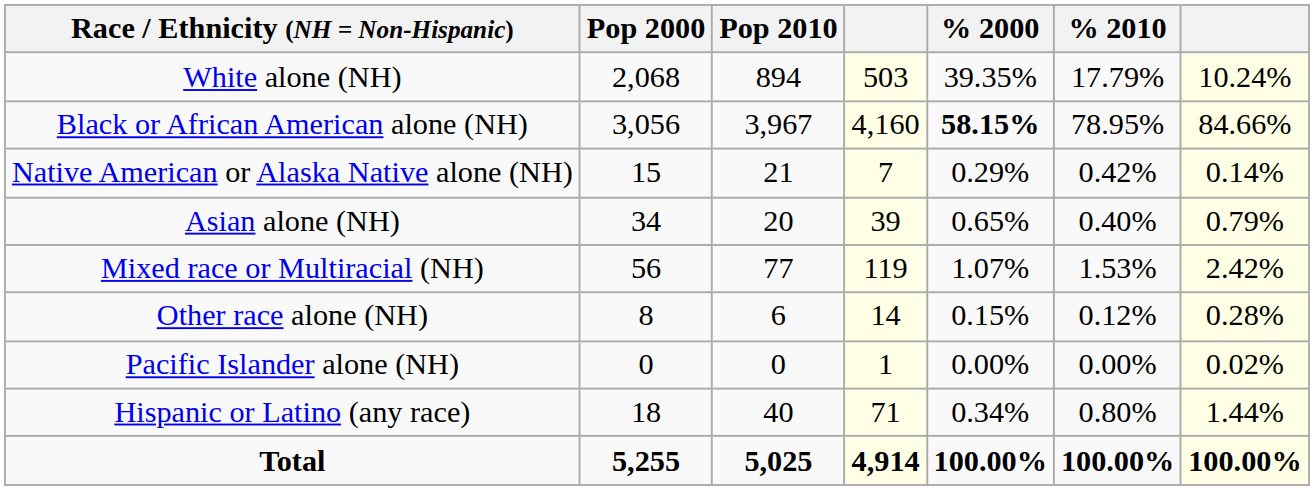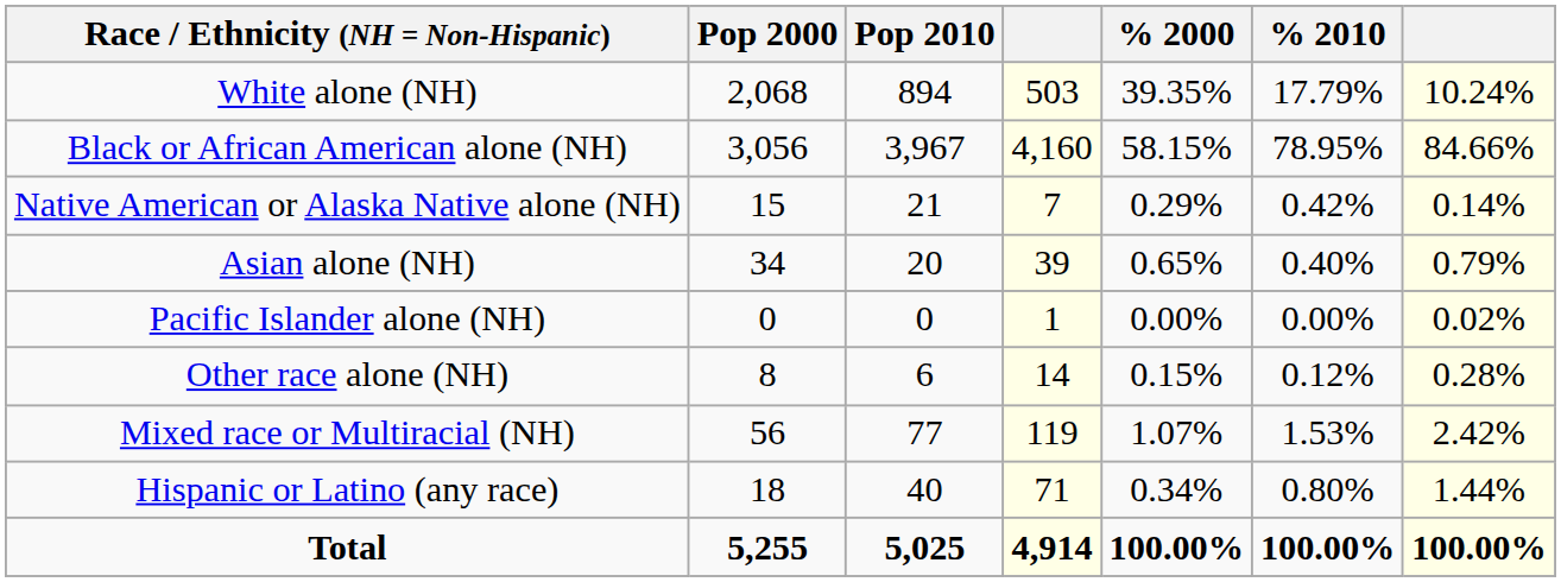 <table class="wikitable" style="text-align:center;">
 <tr>
 <th>Race / Ethnicity <small>(<em>NH = Non-Hispanic</em>)</small></th>
 <th>Pop 2000</th>
 <th>Pop 2010</th>
 <th></th>
 <th>% 2000</th>
 <th>% 2010</th>
 <th></th>
 </tr>
 <tr>
 <td><a href='#'>White</a> alone (NH)</td>
 <td>2,068</td>
 <td>894</td>
 <td style='background: #ffffe6;'>503</td>
 <td>39.35%</td>
 <td>17.79%</td>
 <td style='background: #ffffe6;'>10.24%</td>
 </tr>
 <tr>
 <td><a href='#'>Black or African American</a> alone (NH)</td>
 <td>3,056</td>
 <td>3,967</td>
 <td style='background: #ffffe6;'>4,160</td>
-<td><strong>58.15%</strong></td>
+<td>58.15%</td>
 <td>78.95%</td>
 <td style='background: #ffffe6;'>84.66%</td>
 </tr>
 <tr>
 <td><a href='#'>Native American</a> or <a href='#'>Alaska Native</a> alone (NH)</td>
 <td>15</td>
 <td>21</td>
 <td style='background: #ffffe6;'>7</td>
 <td>0.29%</td>
 <td>0.42%</td>
 <td style='background: #ffffe6;'>0.14%</td>
 </tr>
 <tr>
 <td><a href='#'>Asian</a> alone (NH)</td>
 <td>34</td>
 <td>20</td>
 <td style='background: #ffffe6;'>39</td>
 <td>0.65%</td>
 <td>0.40%</td>
 <td style='background: #ffffe6;'>0.79%</td>
 </tr>
 <tr>
-<td><a href='#'>Mixed race or Multiracial</a> (NH)</td>
-<td>56</td>
-<td>77</td>
-<td style='background: #ffffe6;'>119</td>
-<td>1.07%</td>
-<td>1.53%</td>
-<td style='background: #ffffe6;'>2.42%</td>
+<td><a href='#'>Pacific Islander</a> alone (NH)</td>
+<td>0</td>
+<td>0</td>
+<td style='background: #ffffe6;'>1</td>
+<td>0.00%</td>
+<td>0.00%</td>
+<td style='background: #ffffe6;'>0.02%</td>
 </tr>
 <tr>
 <td><a href='#'>Other race</a> alone (NH)</td>
 <td>8</td>
 <td>6</td>
 <td style='background: #ffffe6;'>14</td>
 <td>0.15%</td>
 <td>0.12%</td>
 <td style='background: #ffffe6;'>0.28%</td>
 </tr>
 <tr>
-<td><a href='#'>Pacific Islander</a> alone (NH)</td>
-<td>0</td>
-<td>0</td>
-<td style='background: #ffffe6;'>1</td>
-<td>0.00%</td>
-<td>0.00%</td>
-<td style='background: #ffffe6;'>0.02%</td>
+<td><a href='#'>Mixed race or Multiracial</a> (NH)</td>
+<td>56</td>
+<td>77</td>
+<td style='background: #ffffe6;'>119</td>
+<td>1.07%</td>
+<td>1.53%</td>
+<td style='background: #ffffe6;'>2.42%</td>
 </tr>
 <tr>
 <td><a href='#'>Hispanic or Latino</a> (any race)</td>
 <td>18</td>
 <td>40</td>
 <td style='background: #ffffe6;'>71</td>
 <td>0.34%</td>
 <td>0.80%</td>
 <td style='background: #ffffe6;'>1.44%</td>
 </tr>
 <tr>
 <td><strong>Total</strong></td>
 <td><strong>5,255</strong></td>
 <td><strong>5,025</strong></td>
 <td style='background: #ffffe6;'><strong>4,914</strong></td>
 <td><strong>100.00%</strong></td>
 <td><strong>100.00%</strong></td>
 <td style='background: #ffffe6;'><strong>100.00%</strong></td>
 </tr>
 </table>
